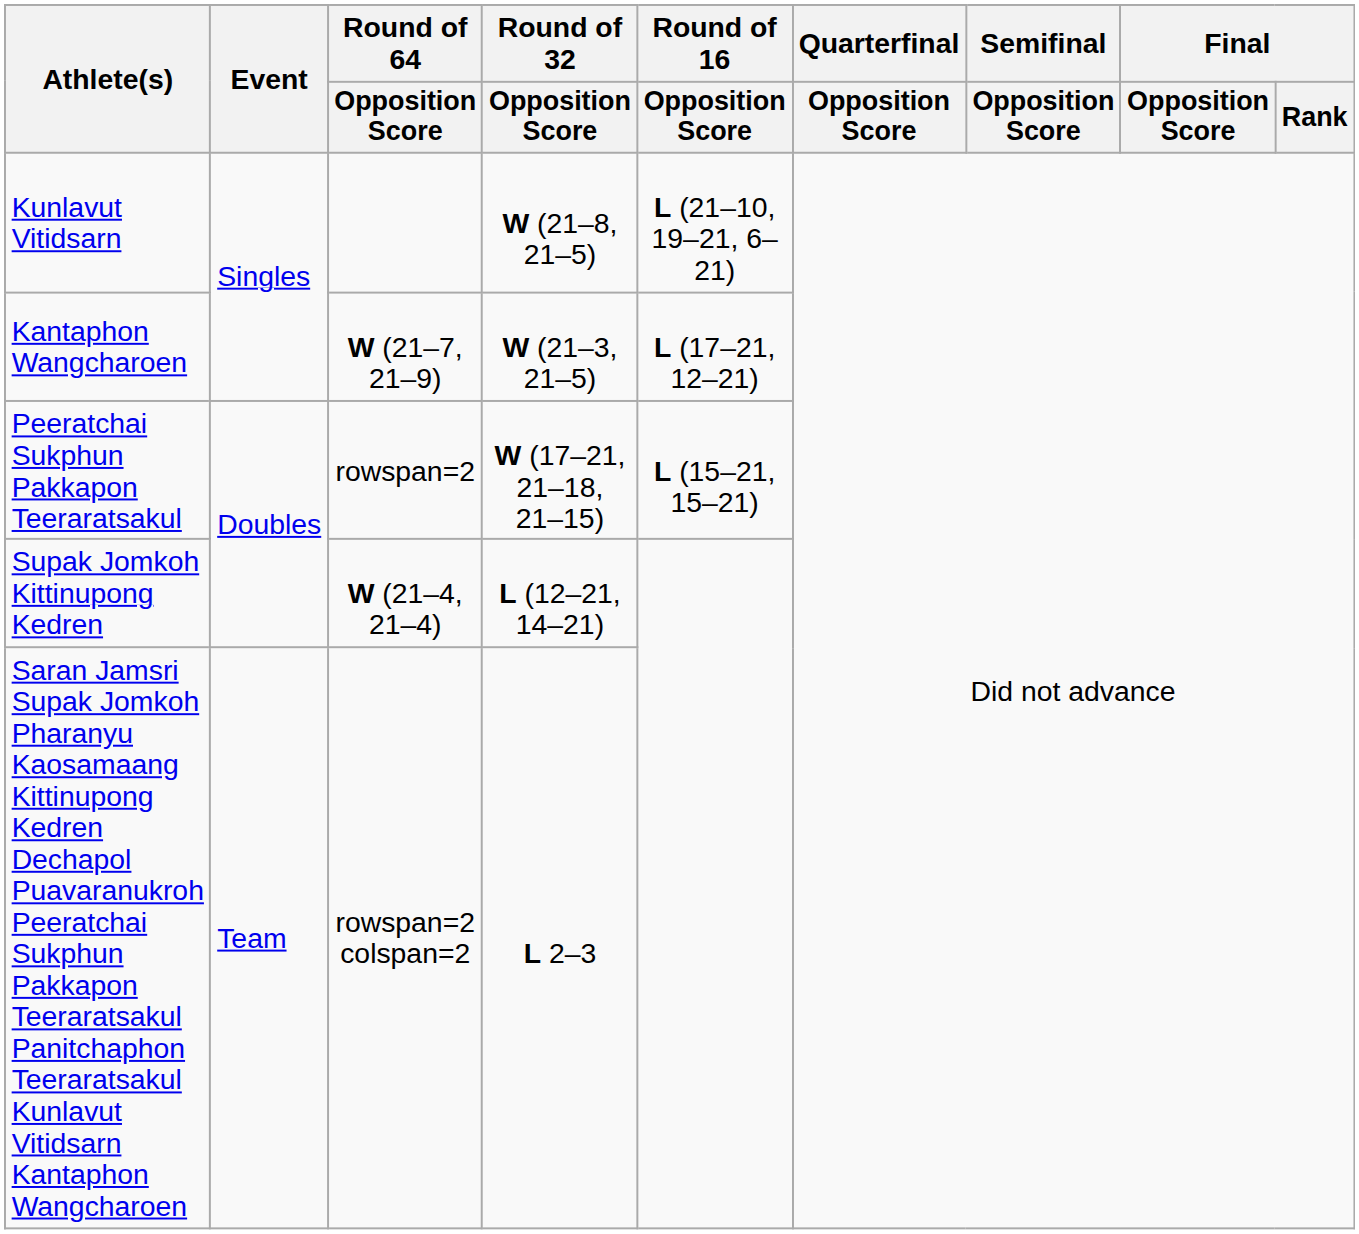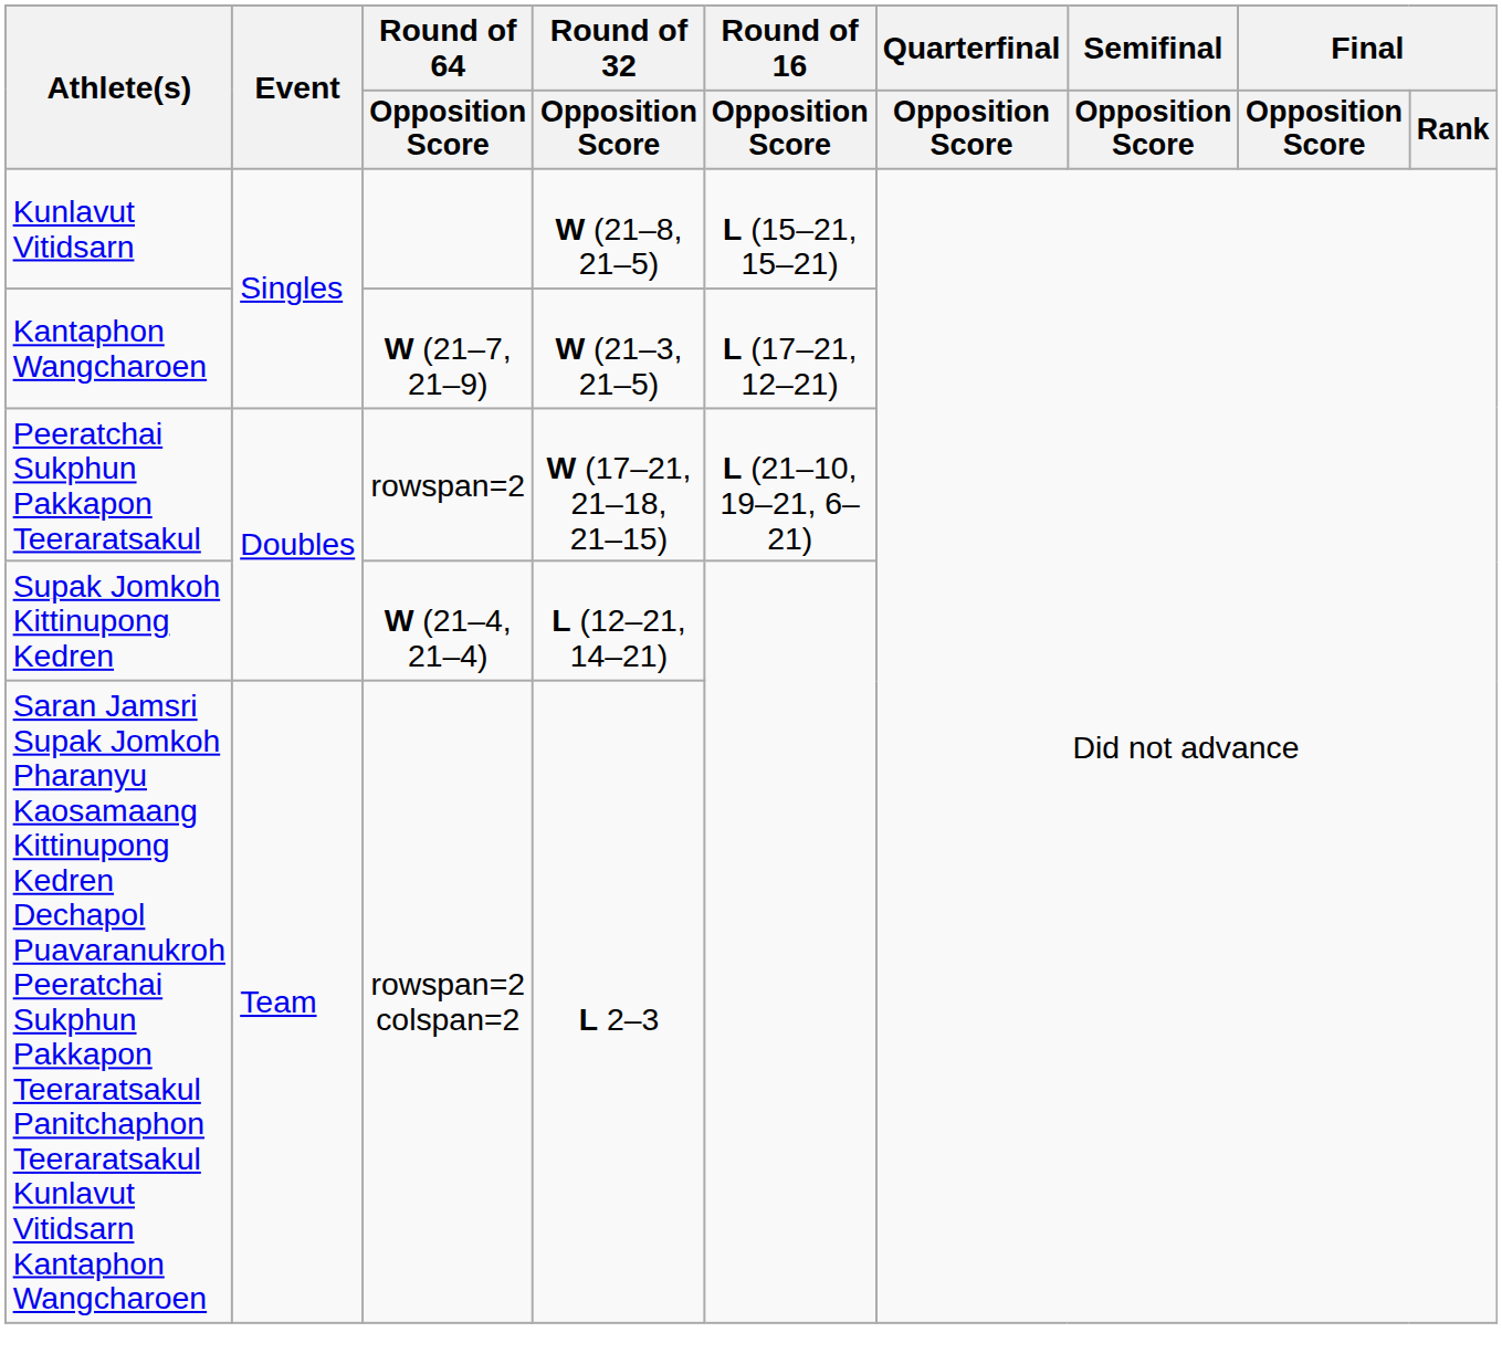 <table class="wikitable" style="font-size:90%">
 <tr>
 <th rowspan=2>Athlete(s)</th>
 <th rowspan=2>Event</th>
 <th>Round of 64</th>
 <th>Round of 32</th>
 <th>Round of 16</th>
 <th>Quarterfinal</th>
 <th>Semifinal</th>
 <th colspan=2>Final</th>
 </tr>
 <tr style="font-size:95%">
 <th>Opposition<br>Score</th>
 <th>Opposition<br>Score</th>
 <th>Opposition<br>Score</th>
 <th>Opposition<br>Score</th>
 <th>Opposition<br>Score</th>
 <th>Opposition<br>Score</th>
 <th>Rank</th>
 </tr>
 <tr align=center>
 <td align=left><a href='#'>Kunlavut Vitidsarn</a></td>
 <td align=left rowspan="2"><a href='#'>Singles</a></td>
 <td></td>
 <td> <br><strong>W</strong> (21–8, 21–5)</td>
-<td> <br><strong>L</strong> (21–10, 19–21, 6–21)</td>
+<td> <br><strong>L</strong> (15–21, 15–21)</td>
 <td rowspan=5 colspan=4>Did not advance</td>
 </tr>
 <tr align=center>
 <td align=left><a href='#'>Kantaphon Wangcharoen</a></td>
 <td> <br><strong>W</strong> (21–7, 21–9)</td>
 <td> <br><strong>W</strong> (21–3, 21–5)</td>
 <td> <br><strong>L</strong> (17–21, 12–21)</td>
 </tr>
 <tr align=center>
 <td align=left><a href='#'>Peeratchai Sukphun</a><br><a href='#'>Pakkapon Teeraratsakul</a></td>
 <td align=left rowspan="2"><a href='#'>Doubles</a></td>
 <td>rowspan=2 </td>
 <td> <br><strong>W</strong> (17–21, 21–18, 21–15)</td>
-<td> <br><strong>L</strong> (15–21, 15–21)</td>
+<td> <br><strong>L</strong> (21–10, 19–21, 6–21)</td>
 </tr>
 <tr align=center>
 <td align=left><a href='#'>Supak Jomkoh</a><br><a href='#'>Kittinupong Kedren</a></td>
 <td> <br><strong>W</strong> (21–4, 21–4)</td>
 <td> <br><strong>L</strong> (12–21, 14–21)</td>
 </tr>
 <tr align=center>
 <td align=left><a href='#'>Saran Jamsri</a><br><a href='#'>Supak Jomkoh</a><br><a href='#'>Pharanyu Kaosamaang</a><br><a href='#'>Kittinupong Kedren</a><br><a href='#'>Dechapol Puavaranukroh</a><br><a href='#'>Peeratchai Sukphun</a><br><a href='#'>Pakkapon Teeraratsakul</a><br><a href='#'>Panitchaphon Teeraratsakul</a><br><a href='#'>Kunlavut Vitidsarn</a><br><a href='#'>Kantaphon Wangcharoen</a></td>
 <td align=left><a href='#'>Team</a></td>
 <td>rowspan=2 colspan=2 </td>
 <td> <br><strong>L</strong> 2–3</td>
 </tr>
 </table>
